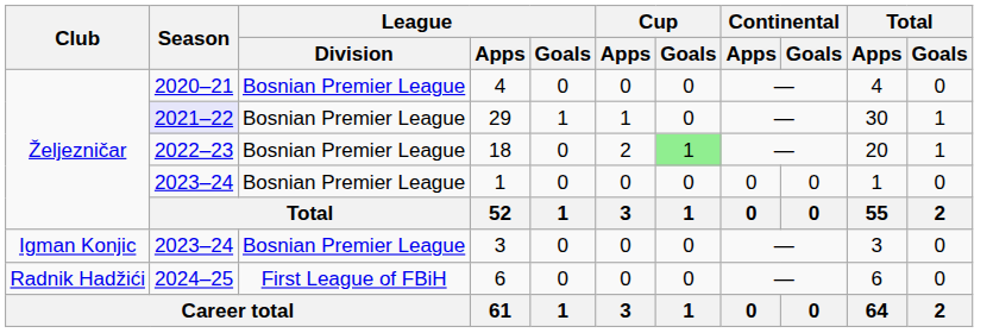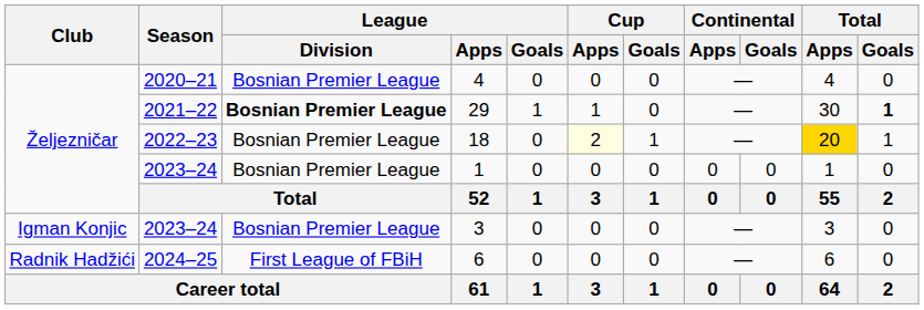 <table class=wikitable style="text-align: center;font-size:95%">
 <tr>
 <th rowspan=2>Club</th>
 <th rowspan=2>Season</th>
 <th colspan=3>League</th>
 <th colspan=2>Cup</th>
 <th colspan=2>Continental</th>
 <th colspan=2>Total</th>
 </tr>
 <tr>
 <th>Division</th>
 <th>Apps</th>
 <th>Goals</th>
 <th>Apps</th>
 <th>Goals</th>
 <th>Apps</th>
 <th>Goals</th>
 <th>Apps</th>
 <th>Goals</th>
 </tr>
 <tr>
 <td rowspan=5><a href='#'>Željezničar</a></td>
 <td><a href='#'>2020–21</a></td>
 <td><a href='#'>Bosnian Premier League</a></td>
 <td>4</td>
 <td>0</td>
 <td>0</td>
 <td>0</td>
 <td colspan=2>—</td>
 <td>4</td>
 <td>0</td>
 </tr>
 <tr>
-<td style="background: lavender;"><a href='#'>2021–22</a></td>
-<td>Bosnian Premier League</td>
+<td><a href='#'>2021–22</a></td>
+<td><strong>Bosnian Premier League</strong></td>
 <td>29</td>
 <td>1</td>
 <td>1</td>
 <td>0</td>
 <td colspan=2>—</td>
 <td>30</td>
-<td>1</td>
+<td><strong>1</strong></td>
 </tr>
 <tr>
 <td><a href='#'>2022–23</a></td>
 <td>Bosnian Premier League</td>
 <td>18</td>
 <td>0</td>
-<td>2</td>
-<td style="background: lightgreen;">1</td>
+<td style="background: lightyellow;">2</td>
+<td>1</td>
 <td colspan=2>—</td>
-<td>20</td>
+<td style="background: gold;">20</td>
 <td>1</td>
 </tr>
 <tr>
 <td><a href='#'>2023–24</a></td>
 <td>Bosnian Premier League</td>
 <td>1</td>
 <td>0</td>
 <td>0</td>
 <td>0</td>
 <td>0</td>
 <td>0</td>
 <td>1</td>
 <td>0</td>
 </tr>
 <tr>
 <th colspan=2>Total</th>
 <th>52</th>
 <th>1</th>
 <th>3</th>
 <th>1</th>
 <th>0</th>
 <th>0</th>
 <th>55</th>
 <th>2</th>
 </tr>
 <tr>
 <td><a href='#'>Igman Konjic</a></td>
 <td><a href='#'>2023–24</a></td>
 <td><a href='#'>Bosnian Premier League</a></td>
 <td>3</td>
 <td>0</td>
 <td>0</td>
 <td>0</td>
 <td colspan=2>—</td>
 <td>3</td>
 <td>0</td>
 </tr>
 <tr>
 <td><a href='#'>Radnik Hadžići</a></td>
 <td><a href='#'>2024–25</a></td>
 <td><a href='#'>First League of FBiH</a></td>
 <td>6</td>
 <td>0</td>
 <td>0</td>
 <td>0</td>
 <td colspan=2>—</td>
 <td>6</td>
 <td>0</td>
 </tr>
 <tr>
 <th colspan=3>Career total</th>
 <th>61</th>
 <th>1</th>
 <th>3</th>
 <th>1</th>
 <th>0</th>
 <th>0</th>
 <th>64</th>
 <th>2</th>
 </tr>
 </table>
